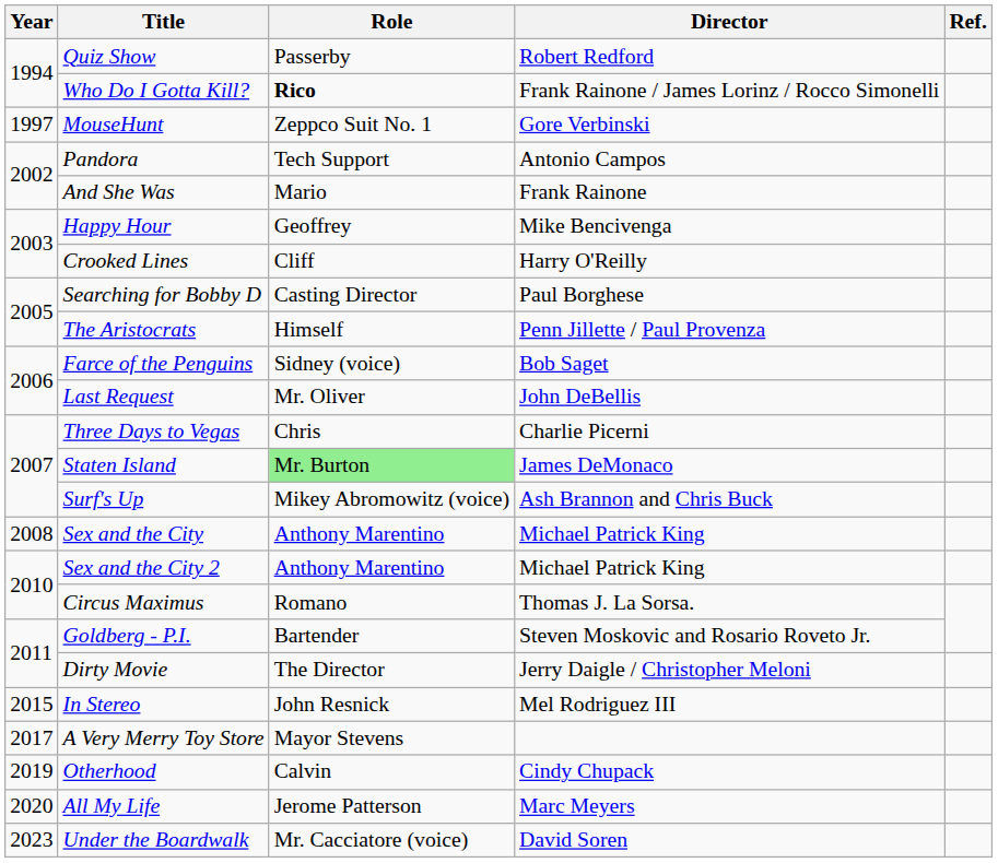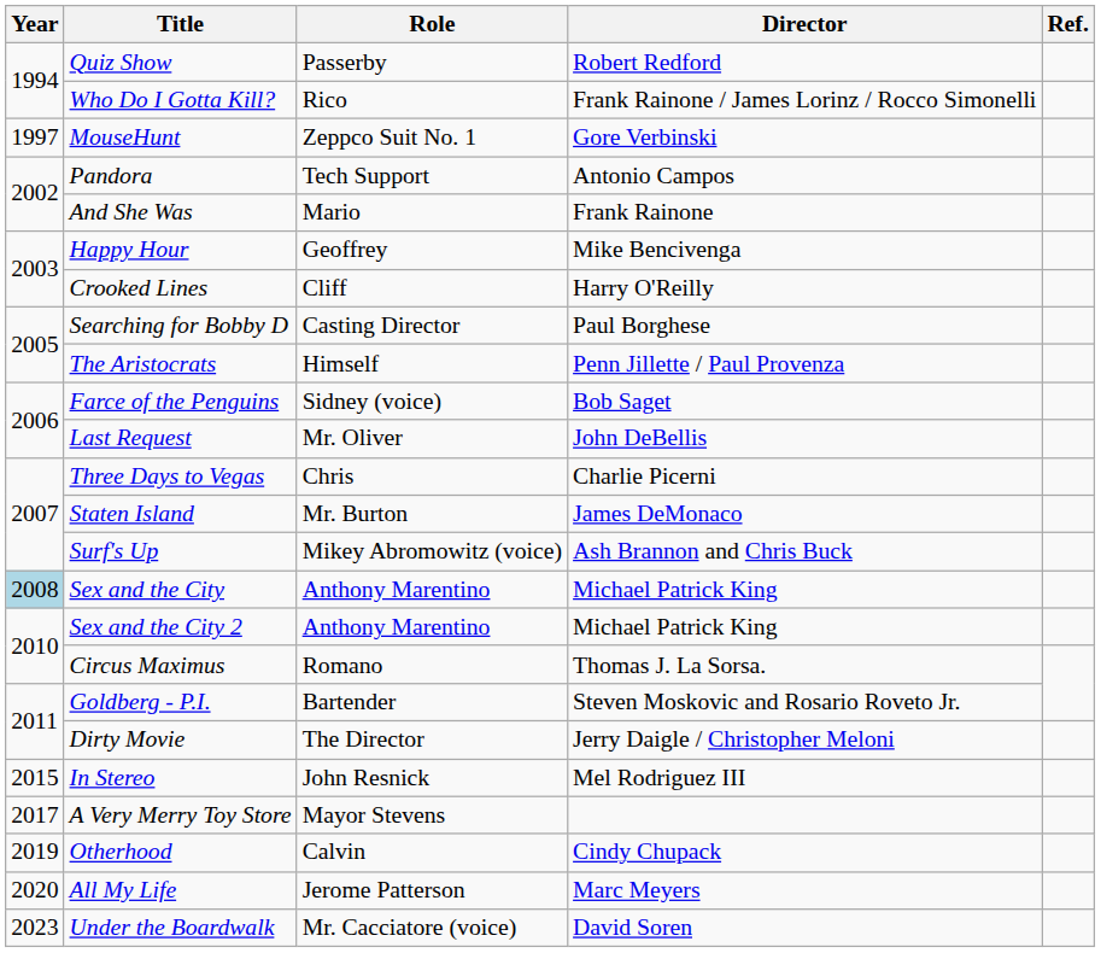 <table class="wikitable sortable">
 <tr>
 <th>Year</th>
 <th>Title</th>
 <th>Role</th>
 <th>Director</th>
 <th class="unsortable">Ref.</th>
 </tr>
 <tr>
 <td rowspan="2">1994</td>
 <td><em><a href='#'>Quiz Show</a></em></td>
 <td>Passerby</td>
 <td><a href='#'>Robert Redford</a></td>
 <td></td>
 </tr>
 <tr>
 <td><em><a href='#'>Who Do I Gotta Kill?</a></em></td>
-<td><strong>Rico</strong></td>
+<td>Rico</td>
 <td>Frank Rainone / James Lorinz / Rocco Simonelli</td>
 <td></td>
 </tr>
 <tr>
 <td>1997</td>
 <td><em><a href='#'>MouseHunt</a></em></td>
 <td>Zeppco Suit No. 1</td>
 <td><a href='#'>Gore Verbinski</a></td>
 <td></td>
 </tr>
 <tr>
 <td rowspan="2">2002</td>
 <td><em>Pandora</em></td>
 <td>Tech Support</td>
 <td>Antonio Campos</td>
 <td></td>
 </tr>
 <tr>
 <td><em>And She Was</em></td>
 <td>Mario</td>
 <td>Frank Rainone</td>
 <td></td>
 </tr>
 <tr>
 <td rowspan="2">2003</td>
 <td><em><a href='#'>Happy Hour</a></em></td>
 <td>Geoffrey</td>
 <td>Mike Bencivenga</td>
 <td></td>
 </tr>
 <tr>
 <td><em>Crooked Lines</em></td>
 <td>Cliff</td>
 <td>Harry O'Reilly</td>
 <td></td>
 </tr>
 <tr>
 <td rowspan="2">2005</td>
 <td><em>Searching for Bobby D</em></td>
 <td>Casting Director</td>
 <td>Paul Borghese</td>
 <td></td>
 </tr>
 <tr>
 <td><em><a href='#'>The Aristocrats</a></em></td>
 <td>Himself</td>
 <td><a href='#'>Penn Jillette</a> / <a href='#'>Paul Provenza</a></td>
 <td></td>
 </tr>
 <tr>
 <td rowspan="2">2006</td>
 <td><em><a href='#'>Farce of the Penguins</a></em></td>
 <td>Sidney (voice)</td>
 <td><a href='#'>Bob Saget</a></td>
 <td></td>
 </tr>
 <tr>
 <td><em><a href='#'>Last Request</a></em></td>
 <td>Mr. Oliver</td>
 <td><a href='#'>John DeBellis</a></td>
 <td></td>
 </tr>
 <tr>
 <td rowspan="3">2007</td>
 <td><em><a href='#'>Three Days to Vegas</a></em></td>
 <td>Chris</td>
 <td>Charlie Picerni</td>
 <td></td>
 </tr>
 <tr>
 <td><em><a href='#'>Staten Island</a></em></td>
-<td style="background: lightgreen;">Mr. Burton</td>
+<td>Mr. Burton</td>
 <td><a href='#'>James DeMonaco</a></td>
 <td></td>
 </tr>
 <tr>
 <td><em><a href='#'>Surf's Up</a></em></td>
 <td>Mikey Abromowitz (voice)</td>
 <td><a href='#'>Ash Brannon</a> and <a href='#'>Chris Buck</a></td>
 <td></td>
 </tr>
 <tr>
-<td>2008</td>
+<td style="background: lightblue;">2008</td>
 <td><em><a href='#'>Sex and the City</a></em></td>
 <td><a href='#'>Anthony Marentino</a></td>
 <td><a href='#'>Michael Patrick King</a></td>
 <td></td>
 </tr>
 <tr>
 <td rowspan="2">2010</td>
 <td><em><a href='#'>Sex and the City 2</a></em></td>
 <td><a href='#'>Anthony Marentino</a></td>
 <td>Michael Patrick King</td>
 <td></td>
 </tr>
 <tr>
 <td><em>Circus Maximus</em></td>
 <td>Romano</td>
 <td>Thomas J. La Sorsa.</td>
 </tr>
 <tr>
 <td rowspan="2">2011</td>
 <td><em><a href='#'>Goldberg - P.I.</a></em></td>
 <td>Bartender</td>
 <td>Steven Moskovic and Rosario Roveto Jr.</td>
 </tr>
 <tr>
 <td><em>Dirty Movie</em></td>
 <td>The Director</td>
 <td>Jerry Daigle / <a href='#'>Christopher Meloni</a></td>
 <td></td>
 </tr>
 <tr>
 <td>2015</td>
 <td><em><a href='#'>In Stereo</a></em></td>
 <td>John Resnick</td>
 <td>Mel Rodriguez III</td>
 <td></td>
 </tr>
 <tr>
 <td>2017</td>
 <td><em>A Very Merry Toy Store</em></td>
 <td>Mayor Stevens</td>
 <td></td>
 <td></td>
 </tr>
 <tr>
 <td>2019</td>
 <td><em><a href='#'>Otherhood</a></em></td>
 <td>Calvin</td>
 <td><a href='#'>Cindy Chupack</a></td>
 <td></td>
 </tr>
 <tr>
 <td>2020</td>
 <td><em><a href='#'>All My Life</a></em></td>
 <td>Jerome Patterson</td>
 <td><a href='#'>Marc Meyers</a></td>
 <td></td>
 </tr>
 <tr>
 <td>2023</td>
 <td><em><a href='#'>Under the Boardwalk</a></em></td>
 <td>Mr. Cacciatore (voice)</td>
 <td><a href='#'>David Soren</a></td>
 <td></td>
 </tr>
 </table>
